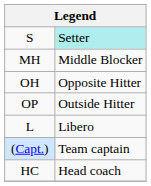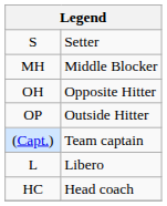 <table class="wikitable" style="float:right; font-size:90%; white-space:nowrap; valign:middle;">
 <tr>
 <th colspan = 2>Legend</th>
 </tr>
 <tr>
 <td align=center>  S  </td>
-<td style="background: paleturquoise;">Setter</td>
+<td>Setter</td>
 </tr>
 <tr>
 <td align=center>  MH  </td>
 <td>Middle Blocker</td>
 </tr>
 <tr>
 <td align=center>  OH  </td>
 <td>Opposite Hitter</td>
 </tr>
 <tr>
 <td align=center>  OP  </td>
 <td>Outside Hitter</td>
 </tr>
 <tr>
+<td style="background: #D0E6FF;" align=center> (<a href='#'>Capt.</a>) </td>
+<td>Team captain</td>
+</tr>
+<tr>
 <td align=center>  L  </td>
 <td>Libero</td>
-</tr>
-<tr>
-<td style="background: #D0E6FF;" align=center> (<a href='#'>Capt.</a>) </td>
-<td>Team captain</td>
 </tr>
 <tr>
 <td align=center>  HC  </td>
 <td>Head coach</td>
 </tr>
 <tr>
 </tr>
 </table>
